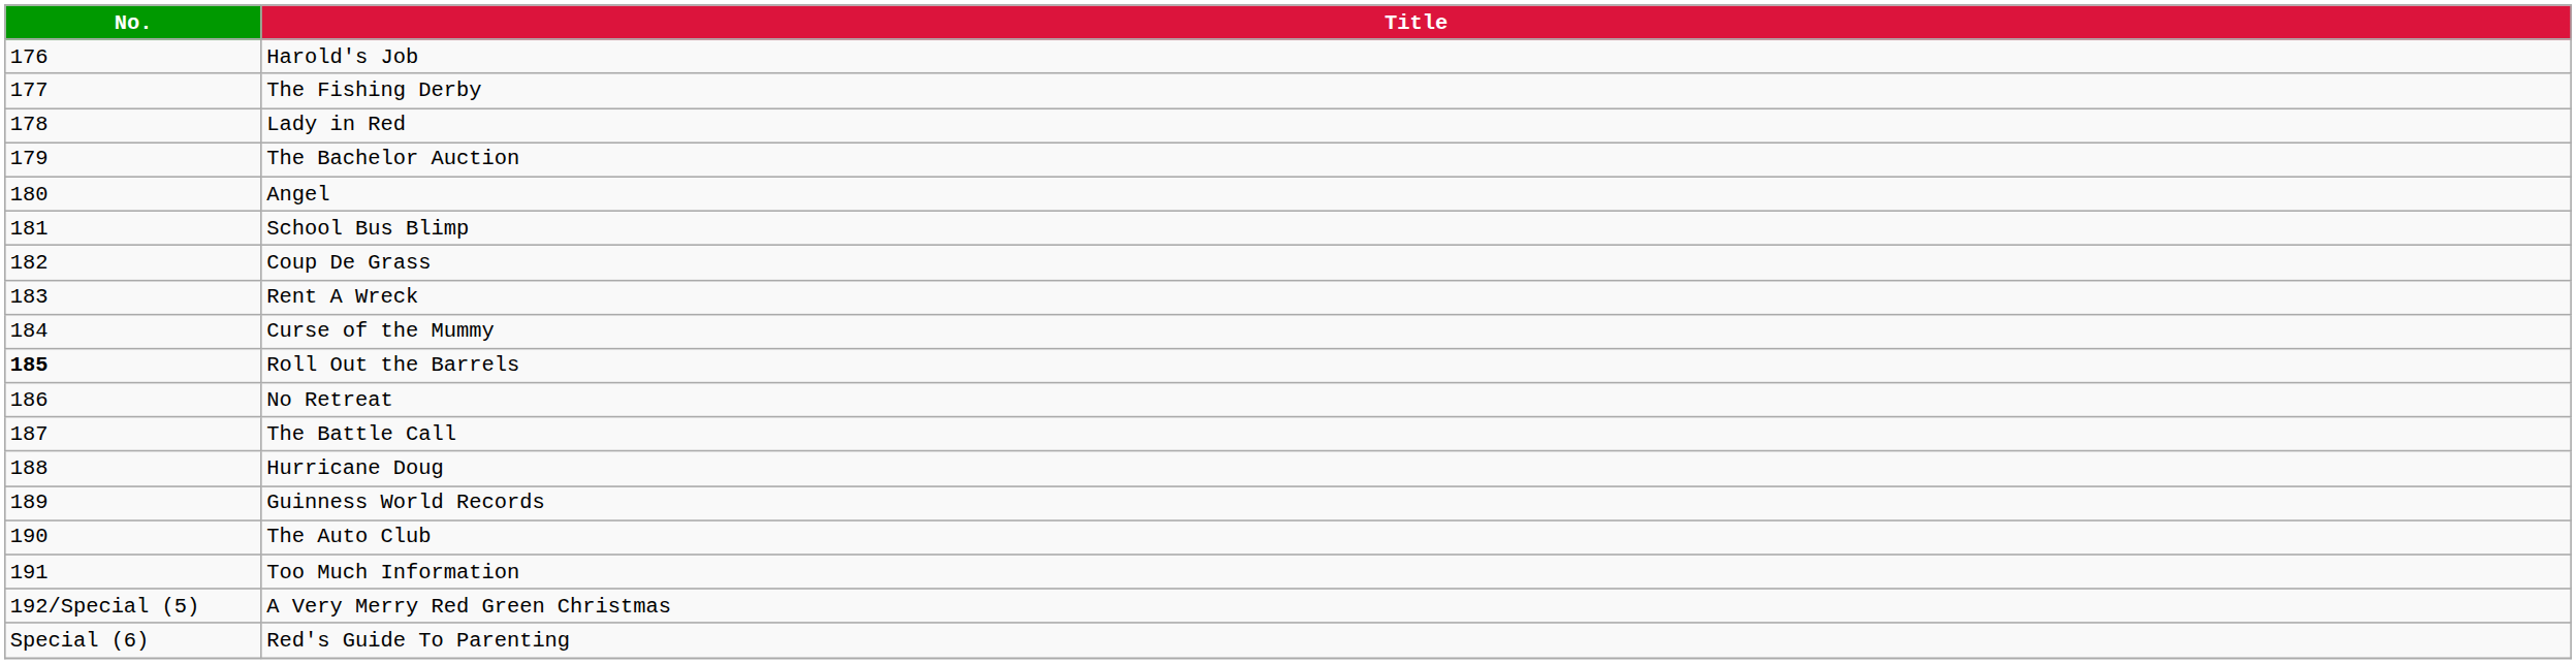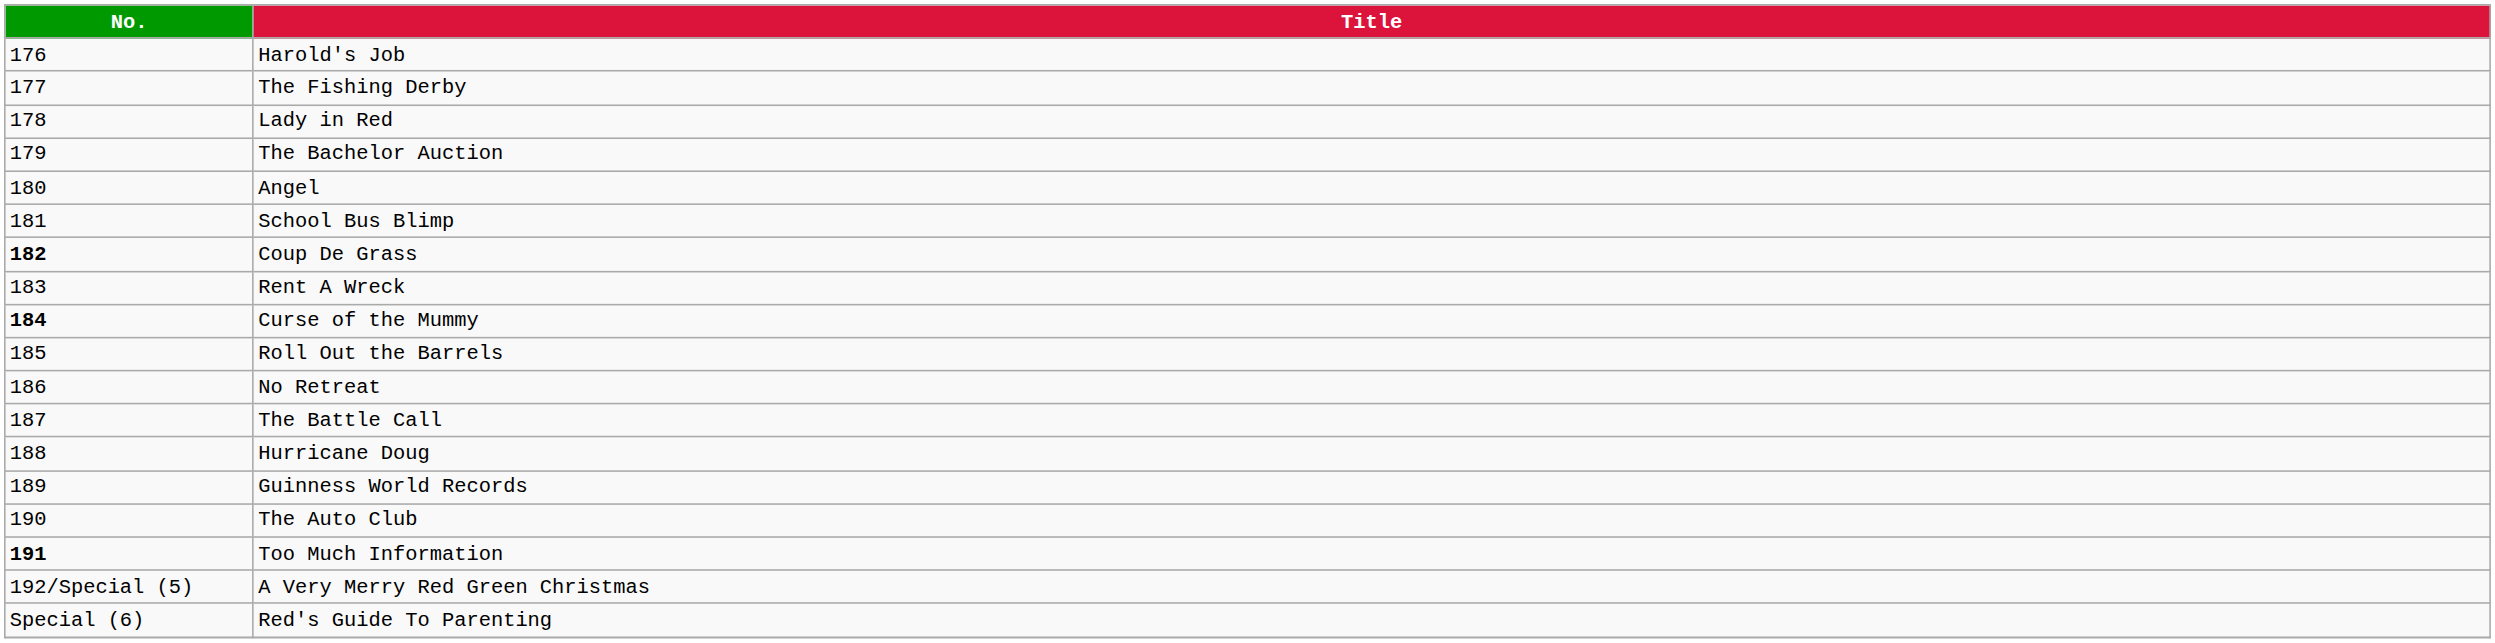 <table class="wikitable plainrowheaders" style="width:100%; margin:auto;">
 <tr>
 <th style="background:#009900; color:#FFFFFF; width:10%">No.</th>
 <th style="background:crimson; color:#FFFFFF">Title</th>
 </tr>
 <tr>
 <td>176</td>
 <td>Harold's Job</td>
 </tr>
 <tr>
 <td>177</td>
 <td>The Fishing Derby</td>
 </tr>
 <tr>
 <td>178</td>
 <td>Lady in Red</td>
 </tr>
 <tr>
 <td>179</td>
 <td>The Bachelor Auction</td>
 </tr>
 <tr>
 <td>180</td>
 <td>Angel</td>
 </tr>
 <tr>
 <td>181</td>
 <td>School Bus Blimp</td>
 </tr>
 <tr>
-<td>182</td>
+<td><strong>182</strong></td>
 <td>Coup De Grass</td>
 </tr>
 <tr>
 <td>183</td>
 <td>Rent A Wreck</td>
 </tr>
 <tr>
-<td>184</td>
+<td><strong>184</strong></td>
 <td>Curse of the Mummy</td>
 </tr>
 <tr>
-<td><strong>185</strong></td>
+<td>185</td>
 <td>Roll Out the Barrels</td>
 </tr>
 <tr>
 <td>186</td>
 <td>No Retreat</td>
 </tr>
 <tr>
 <td>187</td>
 <td>The Battle Call</td>
 </tr>
 <tr>
 <td>188</td>
 <td>Hurricane Doug</td>
 </tr>
 <tr>
 <td>189</td>
 <td>Guinness World Records</td>
 </tr>
 <tr>
 <td>190</td>
 <td>The Auto Club</td>
 </tr>
 <tr>
-<td>191</td>
+<td><strong>191</strong></td>
 <td>Too Much Information</td>
 </tr>
 <tr>
 <td>192/Special (5)</td>
 <td>A Very Merry Red Green Christmas</td>
 </tr>
 <tr>
 <td>Special (6)</td>
 <td>Red's Guide To Parenting</td>
 </tr>
 <tr>
 </tr>
 </table>
